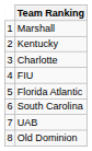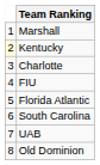 <table class="wikitable" style="white-space:nowrap; font-size:90%;">
 <tr>
 <td ! colspan=1 style="background:white; border-top-style:hidden; border-left-style:hidden;"></td>
 <th>Team Ranking</th>
 </tr>
 <tr>
 <td>1</td>
 <td>Marshall</td>
 </tr>
 <tr>
-<td>2</td>
+<td style="background: lightyellow;">2</td>
 <td>Kentucky</td>
 </tr>
 <tr>
 <td>3</td>
 <td>Charlotte</td>
 </tr>
 <tr>
 <td>4</td>
 <td>FIU</td>
 </tr>
 <tr>
 <td>5</td>
 <td>Florida Atlantic</td>
 </tr>
 <tr>
 <td>6</td>
 <td>South Carolina</td>
 </tr>
 <tr>
 <td>7</td>
 <td>UAB</td>
 </tr>
 <tr>
 <td>8</td>
 <td>Old Dominion</td>
 </tr>
 </table>
